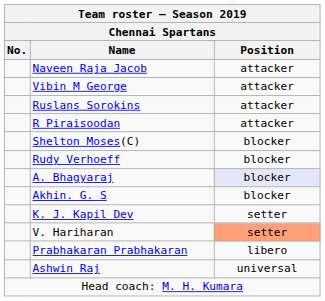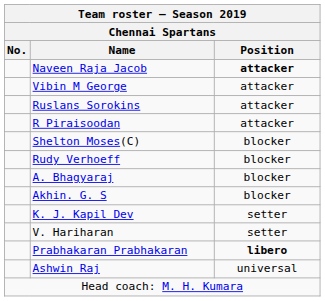 <table class="wikitable sortable" style="font-size:100%; text-align:center;">
 <tr>
 <th colspan="4">Team roster – Season 2019</th>
 </tr>
 <tr>
 <th colspan="4">Chennai Spartans</th>
 </tr>
 <tr>
 <th>No.</th>
 <th style="width:16em">Name</th>
 <th style="width:9em">Position</th>
 </tr>
 <tr>
 <td></td>
 <td align=left> <a href='#'>Naveen Raja Jacob</a></td>
-<td>attacker</td>
+<td><strong>attacker</strong></td>
 </tr>
 <tr>
 <td></td>
 <td align=left> <a href='#'>Vibin M George</a></td>
 <td>attacker</td>
 </tr>
 <tr>
 <td></td>
 <td align=left> <a href='#'>Ruslans Sorokins</a></td>
 <td>attacker</td>
 </tr>
 <tr>
 <td></td>
 <td align=left> <a href='#'>R Piraisoodan </a></td>
 <td>attacker</td>
 </tr>
 <tr>
 <td></td>
 <td align=left> <a href='#'>Shelton Moses</a>(C)</td>
 <td>blocker</td>
 </tr>
 <tr>
 <td></td>
 <td align=left> <a href='#'>Rudy Verhoeff</a></td>
 <td>blocker</td>
 </tr>
 <tr>
 <td></td>
 <td align=left> <a href='#'>A. Bhagyaraj</a></td>
-<td style="background: lavender;">blocker</td>
+<td>blocker</td>
 </tr>
 <tr>
 <td></td>
 <td align=left> <a href='#'>Akhin. G. S</a></td>
 <td>blocker</td>
 </tr>
 <tr>
 <td></td>
 <td align=left> <a href='#'>K. J. Kapil Dev</a></td>
 <td>setter</td>
 </tr>
 <tr>
 <td></td>
 <td align=left> V. Hariharan</td>
-<td style="background: lightsalmon;">setter</td>
+<td>setter</td>
 </tr>
 <tr>
 <td></td>
 <td align=left> <a href='#'>Prabhakaran Prabhakaran</a></td>
-<td>libero</td>
+<td><strong>libero</strong></td>
 </tr>
 <tr>
 <td></td>
 <td align=left> <a href='#'>Ashwin Raj</a></td>
 <td>universal</td>
 </tr>
 <tr>
 <td colspan=4>Head coach: <a href='#'>M. H. Kumara</a></td>
 </tr>
 </table>
